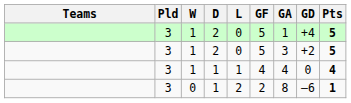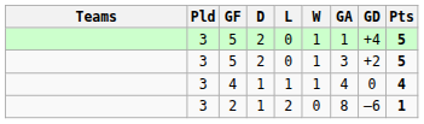 <table class="wikitable" style="text-align: center;">
 <tr>
 <th width=165>Teams</th>
 <th width=20>Pld</th>
-<th width=20>W</th>
+<th width=20>GF</th>
 <th width=20>D</th>
 <th width=20>L</th>
-<th width=20>GF</th>
+<th width=20>W</th>
 <th width=20>GA</th>
 <th width=20>GD</th>
 <th width=20>Pts</th>
 </tr>
 <tr align=center style="background:#ccffcc;">
 <td style="text-align:left;"></td>
 <td>3</td>
-<td>1</td>
+<td>5</td>
 <td>2</td>
 <td>0</td>
-<td>5</td>
+<td>1</td>
 <td>1</td>
 <td>+4</td>
 <td><strong>5</strong></td>
 </tr>
 <tr align=center>
 <td style="text-align:left;"></td>
 <td>3</td>
-<td>1</td>
+<td>5</td>
 <td>2</td>
 <td>0</td>
-<td>5</td>
+<td>1</td>
 <td>3</td>
 <td>+2</td>
 <td><strong>5</strong></td>
 </tr>
 <tr align=center>
 <td style="text-align:left;"></td>
 <td>3</td>
+<td>4</td>
 <td>1</td>
 <td>1</td>
 <td>1</td>
-<td>4</td>
 <td>4</td>
 <td>0</td>
 <td><strong>4</strong></td>
 </tr>
 <tr align=center>
 <td style="text-align:left;"></td>
 <td>3</td>
-<td>0</td>
+<td>2</td>
 <td>1</td>
 <td>2</td>
-<td>2</td>
+<td>0</td>
 <td>8</td>
 <td>–6</td>
 <td><strong>1</strong></td>
 </tr>
 </table>
